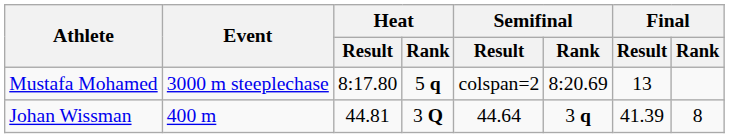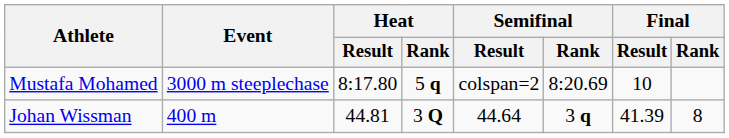 <table class=wikitable style="font-size:90%">
 <tr>
 <th rowspan="2">Athlete</th>
 <th rowspan="2">Event</th>
 <th colspan="2">Heat</th>
 <th colspan="2">Semifinal</th>
 <th colspan="2">Final</th>
 </tr>
 <tr style="font-size:95%">
 <th>Result</th>
 <th>Rank</th>
 <th>Result</th>
 <th>Rank</th>
 <th>Result</th>
 <th>Rank</th>
 </tr>
 <tr align=center>
 <td align=left><a href='#'>Mustafa Mohamed</a></td>
 <td align=left><a href='#'>3000 m steeplechase</a></td>
 <td>8:17.80</td>
 <td>5 <strong>q</strong></td>
 <td>colspan=2 </td>
 <td>8:20.69</td>
-<td>13</td>
+<td>10</td>
 </tr>
 <tr align=center>
 <td align=left><a href='#'>Johan Wissman</a></td>
 <td align=left><a href='#'>400 m</a></td>
 <td>44.81</td>
 <td>3 <strong>Q</strong></td>
 <td>44.64</td>
 <td>3 <strong>q</strong></td>
 <td>41.39</td>
 <td>8</td>
 </tr>
 </table>
